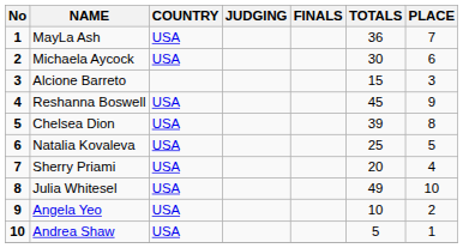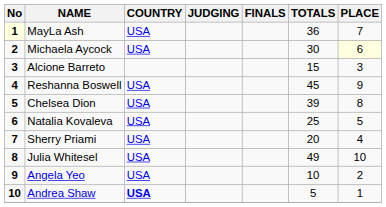 <table class="wikitable sortable">
 <tr>
 <th>No</th>
 <th>NAME</th>
 <th>COUNTRY</th>
 <th>JUDGING</th>
 <th>FINALS</th>
 <th>TOTALS</th>
 <th>PLACE</th>
 </tr>
 <tr>
-<td style="text-align: center"><strong>1</strong></td>
+<td style="background: lightyellow; text-align: center"><strong>1</strong></td>
 <td>MayLa Ash</td>
 <td> <a href='#'>USA</a></td>
 <td></td>
 <td></td>
 <td style="text-align: center">36</td>
 <td style="text-align: center">7</td>
 </tr>
 <tr>
 <td style="text-align: center"><strong>2</strong></td>
 <td>Michaela Aycock</td>
 <td> <a href='#'>USA</a></td>
 <td></td>
 <td></td>
 <td style="text-align: center">30</td>
-<td style="text-align: center">6</td>
+<td style="background: lightyellow; text-align: center">6</td>
 </tr>
 <tr>
 <td style="text-align: center"><strong>3</strong></td>
 <td>Alcione Barreto</td>
 <td></td>
 <td></td>
 <td></td>
 <td style="text-align: center">15</td>
 <td style="text-align: center">3</td>
 </tr>
 <tr>
 <td style="text-align: center"><strong>4</strong></td>
 <td>Reshanna Boswell</td>
 <td> <a href='#'>USA</a></td>
 <td></td>
 <td></td>
 <td style="text-align: center">45</td>
 <td style="text-align: center">9</td>
 </tr>
 <tr>
 <td style="text-align: center"><strong>5</strong></td>
 <td>Chelsea Dion</td>
 <td> <a href='#'>USA</a></td>
 <td></td>
 <td></td>
 <td style="text-align: center">39</td>
 <td style="text-align: center">8</td>
 </tr>
 <tr>
 <td style="text-align: center"><strong>6</strong></td>
 <td>Natalia Kovaleva</td>
 <td> <a href='#'>USA</a></td>
 <td></td>
 <td></td>
 <td style="text-align: center">25</td>
 <td style="text-align: center">5</td>
 </tr>
 <tr>
 <td style="text-align: center"><strong>7</strong></td>
 <td>Sherry Priami</td>
 <td> <a href='#'>USA</a></td>
 <td></td>
 <td></td>
 <td style="text-align: center">20</td>
 <td style="text-align: center">4</td>
 </tr>
 <tr>
 <td style="text-align: center"><strong>8</strong></td>
 <td>Julia Whitesel</td>
 <td> <a href='#'>USA</a></td>
 <td></td>
 <td></td>
 <td style="text-align: center">49</td>
 <td style="text-align: center">10</td>
 </tr>
 <tr>
 <td style="text-align: center"><strong>9</strong></td>
 <td><a href='#'>Angela Yeo</a></td>
 <td> <a href='#'>USA</a></td>
 <td></td>
 <td></td>
 <td style="text-align: center">10</td>
 <td style="text-align: center">2</td>
 </tr>
 <tr>
 <td style="text-align: center"><strong>10</strong></td>
 <td><a href='#'>Andrea Shaw</a></td>
-<td> <a href='#'>USA</a></td>
+<td><strong> <a href='#'>USA</a></strong></td>
 <td></td>
 <td></td>
 <td style="text-align: center">5</td>
 <td style="text-align: center">1</td>
 </tr>
 <tr>
 </tr>
 </table>
